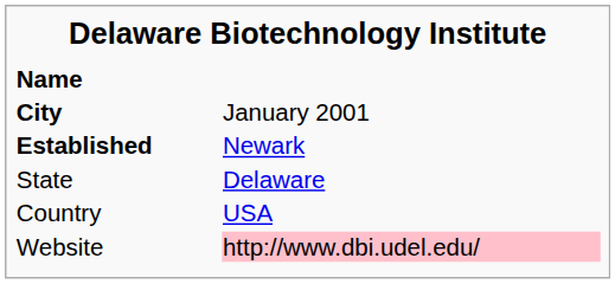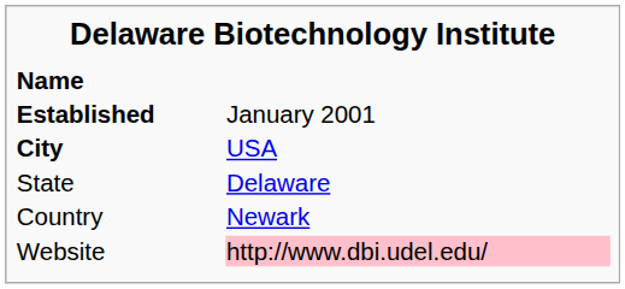 <table class="infobox" style="width: 25em; text-align: left; font-size: 90%;">
 <tr>
 <td colspan="2" style="text-align:center; font-size: large;"><strong>Delaware Biotechnology Institute</strong></td>
 </tr>
 <tr>
 <td colspan="2" style="text-align:center;"></td>
 </tr>
 <tr>
 <th>Name</th>
 <td></td>
 </tr>
 <tr>
-<th>City</th>
+<th>Established</th>
 <td>January 2001</td>
 </tr>
 <tr>
-<th>Established</th>
-<td><a href='#'>Newark</a></td>
+<th>City</th>
+<td><a href='#'>USA</a></td>
 </tr>
 <tr>
 <td>State</td>
 <td><a href='#'>Delaware</a></td>
 </tr>
 <tr>
 <td>Country</td>
-<td><a href='#'>USA</a></td>
+<td><a href='#'>Newark</a></td>
 </tr>
 <tr>
 <td>Website</td>
 <td style="background: pink;">http://www.dbi.udel.edu/</td>
 </tr>
 <tr>
 <td colspan="2" style="text-align:center;"></td>
 </tr>
 </table>
